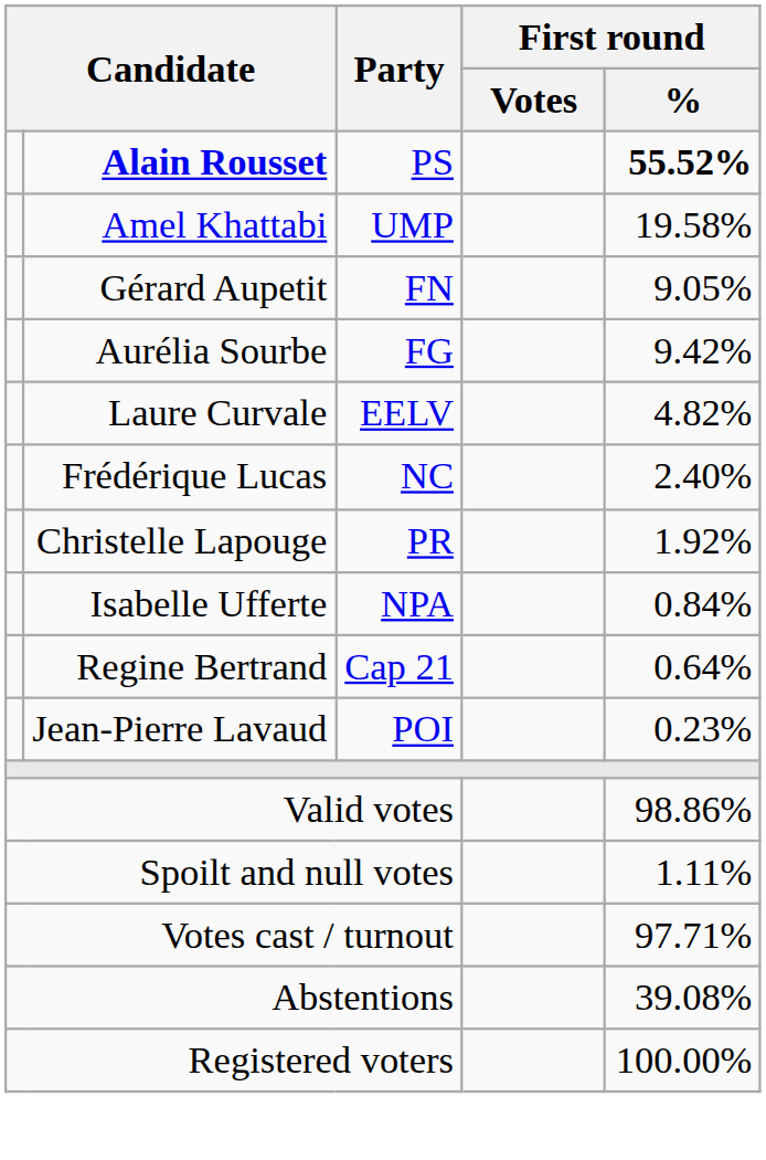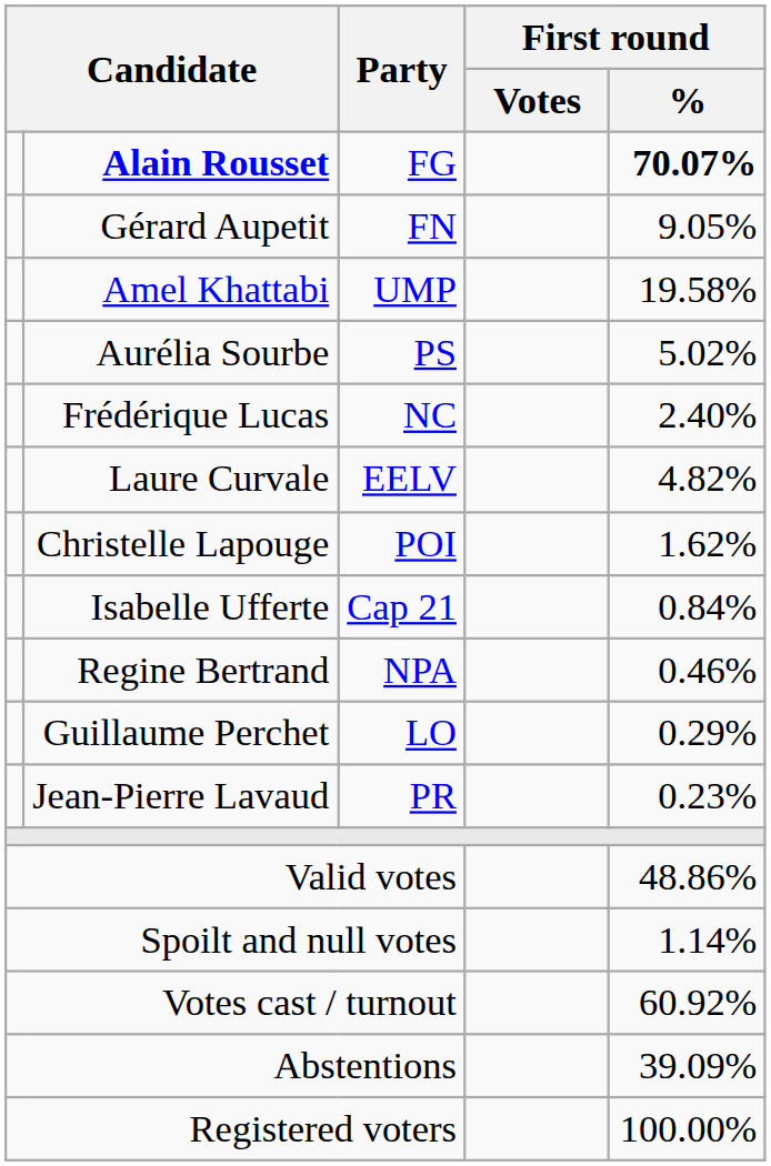 <table class="wikitable" style="text-align:right;font-size:95%;">
 <tr>
 <th rowspan=2 colspan=2>Candidate</th>
 <th rowspan=2 colspan=1>Party</th>
 <th colspan=2>First round</th>
 </tr>
 <tr>
 <th style="width:50px;">Votes</th>
 <th style="width:55px;">%</th>
 </tr>
 <tr>
 <td style="color:inherit;background-color:"></td>
 <td><strong><a href='#'>Alain Rousset</a></strong></td>
-<td><a href='#'>PS</a></td>
+<td><a href='#'>FG</a></td>
 <td><strong></strong></td>
-<td><strong>55.52%</strong></td>
+<td><strong>70.07%</strong></td>
+</tr>
+<tr>
+<td style="color:inherit;background-color:"></td>
+<td>Gérard Aupetit</td>
+<td><a href='#'>FN</a></td>
+<td></td>
+<td>9.05%</td>
 </tr>
 <tr>
 <td style="color:inherit;background-color:"></td>
 <td><a href='#'>Amel Khattabi</a></td>
 <td><a href='#'>UMP</a></td>
 <td></td>
 <td>19.58%</td>
 </tr>
 <tr>
 <td style="color:inherit;background-color:"></td>
-<td>Gérard Aupetit</td>
-<td><a href='#'>FN</a></td>
+<td>Aurélia Sourbe</td>
+<td><a href='#'>PS</a></td>
 <td></td>
-<td>9.05%</td>
+<td>5.02%</td>
 </tr>
 <tr>
 <td style="color:inherit;background-color:"></td>
-<td>Aurélia Sourbe</td>
-<td><a href='#'>FG</a></td>
+<td>Frédérique Lucas</td>
+<td><a href='#'>NC</a></td>
 <td></td>
-<td>9.42%</td>
+<td>2.40%</td>
 </tr>
 <tr>
 <td style="color:inherit;background-color:"></td>
 <td>Laure Curvale</td>
 <td><a href='#'>EELV</a></td>
 <td></td>
 <td>4.82%</td>
 </tr>
 <tr>
 <td style="color:inherit;background-color:"></td>
-<td>Frédérique Lucas</td>
-<td><a href='#'>NC</a></td>
+<td>Christelle Lapouge</td>
+<td><a href='#'>POI</a></td>
 <td></td>
-<td>2.40%</td>
-</tr>
-<tr>
-<td style="color:inherit;background-color:"></td>
-<td>Christelle Lapouge</td>
-<td><a href='#'>PR</a></td>
-<td></td>
-<td>1.92%</td>
+<td>1.62%</td>
 </tr>
 <tr>
 <td style="color:inherit;background-color:"></td>
 <td>Isabelle Ufferte</td>
-<td><a href='#'>NPA</a></td>
+<td><a href='#'>Cap 21</a></td>
 <td></td>
 <td>0.84%</td>
 </tr>
 <tr>
 <td style="color:inherit;background-color:"></td>
 <td>Regine Bertrand</td>
-<td><a href='#'>Cap 21</a></td>
+<td><a href='#'>NPA</a></td>
 <td></td>
-<td>0.64%</td>
+<td>0.46%</td>
+</tr>
+<tr>
+<td style="color:inherit;background-color:"></td>
+<td>Guillaume Perchet</td>
+<td><a href='#'>LO</a></td>
+<td></td>
+<td>0.29%</td>
 </tr>
 <tr>
 <td style="color:inherit;background-color:"></td>
 <td>Jean-Pierre Lavaud</td>
-<td><a href='#'>POI</a></td>
+<td><a href='#'>PR</a></td>
 <td></td>
 <td>0.23%</td>
 </tr>
 <tr>
 <td colspan=5 style="background-color:#E9E9E9;"></td>
 </tr>
 <tr>
 <td colspan=3>Valid votes</td>
 <td></td>
-<td>98.86%</td>
+<td>48.86%</td>
 </tr>
 <tr>
 <td colspan=3>Spoilt and null votes</td>
 <td></td>
-<td>1.11%</td>
+<td>1.14%</td>
 </tr>
 <tr>
 <td colspan=3>Votes cast / turnout</td>
 <td></td>
-<td>97.71%</td>
+<td>60.92%</td>
 </tr>
 <tr>
 <td colspan=3>Abstentions</td>
 <td></td>
-<td>39.08%</td>
+<td>39.09%</td>
 </tr>
 <tr>
 <td colspan=3>Registered voters</td>
 <td></td>
 <td>100.00%</td>
 </tr>
 </table>
